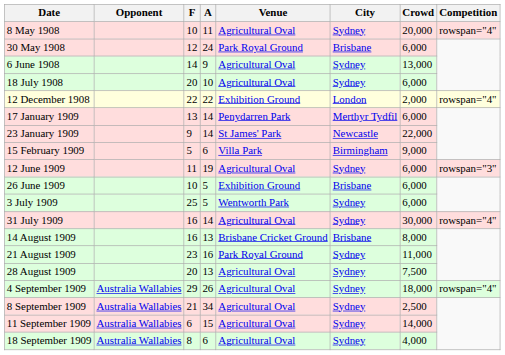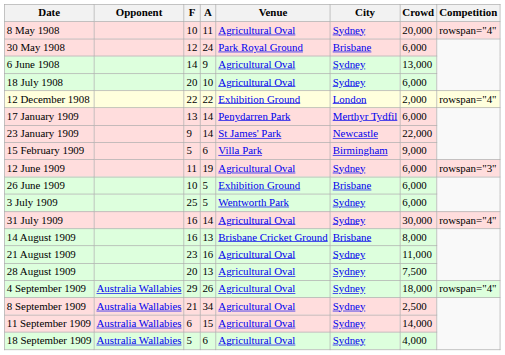 <table class="wikitable sortable">
 <tr>
 <th>Date</th>
 <th>Opponent</th>
 <th>F</th>
 <th>A</th>
 <th>Venue</th>
 <th>City</th>
 <th>Crowd</th>
 <th>Competition</th>
 </tr>
 <tr style="background:#ffdddd;">
 <td>8 May 1908</td>
 <td></td>
 <td>10</td>
 <td>11</td>
 <td><a href='#'>Agricultural Oval</a></td>
 <td><a href='#'>Sydney</a></td>
 <td>20,000</td>
 <td>rowspan="4"</td>
 </tr>
 <tr style="background:#ffdddd;">
 <td>30 May 1908</td>
 <td></td>
 <td>12</td>
 <td>24</td>
 <td><a href='#'>Park Royal Ground</a></td>
 <td><a href='#'>Brisbane</a></td>
 <td>6,000</td>
 </tr>
 <tr style="background:#ddffdd;">
 <td>6 June 1908</td>
 <td></td>
 <td>14</td>
 <td>9</td>
 <td><a href='#'>Agricultural Oval</a></td>
 <td><a href='#'>Sydney</a></td>
 <td>13,000</td>
 </tr>
 <tr style="background:#ddffdd;">
 <td>18 July 1908</td>
 <td></td>
 <td>20</td>
 <td>10</td>
 <td><a href='#'>Agricultural Oval</a></td>
 <td><a href='#'>Sydney</a></td>
 <td>6,000</td>
 </tr>
 <tr style="background:#ffffdd;">
 <td>12 December 1908</td>
 <td></td>
 <td>22</td>
 <td>22</td>
 <td><a href='#'>Exhibition Ground</a></td>
 <td><a href='#'>London</a></td>
 <td>2,000</td>
 <td>rowspan="4"</td>
 </tr>
 <tr style="background:#ffdddd;">
 <td>17 January 1909</td>
 <td></td>
 <td>13</td>
 <td>14</td>
 <td><a href='#'>Penydarren Park</a></td>
 <td><a href='#'>Merthyr Tydfil</a></td>
 <td>6,000</td>
 </tr>
 <tr style="background:#ffdddd;">
 <td>23 January 1909</td>
 <td></td>
 <td>9</td>
 <td>14</td>
 <td><a href='#'>St James' Park</a></td>
 <td><a href='#'>Newcastle</a></td>
 <td>22,000</td>
 </tr>
 <tr style="background:#ffdddd;">
 <td>15 February 1909</td>
 <td></td>
 <td>5</td>
 <td>6</td>
 <td><a href='#'>Villa Park</a></td>
 <td><a href='#'>Birmingham</a></td>
 <td>9,000</td>
 </tr>
 <tr style="background:#ffdddd;">
 <td>12 June 1909</td>
 <td></td>
 <td>11</td>
 <td>19</td>
 <td><a href='#'>Agricultural Oval</a></td>
 <td><a href='#'>Sydney</a></td>
 <td>6,000</td>
 <td>rowspan="3"</td>
 </tr>
 <tr style="background:#ddffdd;">
 <td>26 June 1909</td>
 <td></td>
 <td>10</td>
 <td>5</td>
 <td><a href='#'>Exhibition Ground</a></td>
 <td><a href='#'>Brisbane</a></td>
 <td>6,000</td>
 </tr>
 <tr style="background:#ddffdd;">
 <td>3 July 1909</td>
 <td></td>
 <td>25</td>
 <td>5</td>
 <td><a href='#'>Wentworth Park</a></td>
 <td><a href='#'>Sydney</a></td>
 <td>6,000</td>
 </tr>
 <tr style="background:#ffdddd;">
 <td>31 July 1909</td>
 <td></td>
 <td>16</td>
 <td>14</td>
 <td><a href='#'>Agricultural Oval</a></td>
 <td><a href='#'>Sydney</a></td>
 <td>30,000</td>
 <td>rowspan="4"</td>
 </tr>
 <tr style="background:#ddffdd;">
 <td>14 August 1909</td>
 <td></td>
 <td>16</td>
 <td>13</td>
 <td><a href='#'>Brisbane Cricket Ground</a></td>
 <td><a href='#'>Brisbane</a></td>
 <td>8,000</td>
 </tr>
 <tr style="background:#ddffdd;">
 <td>21 August 1909</td>
 <td></td>
 <td>23</td>
 <td>16</td>
-<td><a href='#'>Park Royal Ground</a></td>
+<td><a href='#'>Agricultural Oval</a></td>
 <td><a href='#'>Sydney</a></td>
 <td>11,000</td>
 </tr>
 <tr style="background:#ddffdd;">
 <td>28 August 1909</td>
 <td></td>
 <td>20</td>
 <td>13</td>
 <td><a href='#'>Agricultural Oval</a></td>
 <td><a href='#'>Sydney</a></td>
 <td>7,500</td>
 </tr>
 <tr style="background:#ddffdd;">
 <td>4 September 1909</td>
 <td> <a href='#'>Australia Wallabies</a></td>
 <td>29</td>
 <td>26</td>
 <td><a href='#'>Agricultural Oval</a></td>
 <td><a href='#'>Sydney</a></td>
 <td>18,000</td>
 <td>rowspan="4"</td>
 </tr>
 <tr style="background:#ffdddd;">
 <td>8 September 1909</td>
 <td> <a href='#'>Australia Wallabies</a></td>
 <td>21</td>
 <td>34</td>
 <td><a href='#'>Agricultural Oval</a></td>
 <td><a href='#'>Sydney</a></td>
 <td>2,500</td>
 </tr>
 <tr style="background:#ffdddd;">
 <td>11 September 1909</td>
 <td> <a href='#'>Australia Wallabies</a></td>
 <td>6</td>
 <td>15</td>
 <td><a href='#'>Agricultural Oval</a></td>
 <td><a href='#'>Sydney</a></td>
 <td>14,000</td>
 </tr>
 <tr style="background:#ddffdd;">
 <td>18 September 1909</td>
 <td> <a href='#'>Australia Wallabies</a></td>
-<td>8</td>
+<td>5</td>
 <td>6</td>
 <td><a href='#'>Agricultural Oval</a></td>
 <td><a href='#'>Sydney</a></td>
 <td>4,000</td>
 </tr>
 </table>
